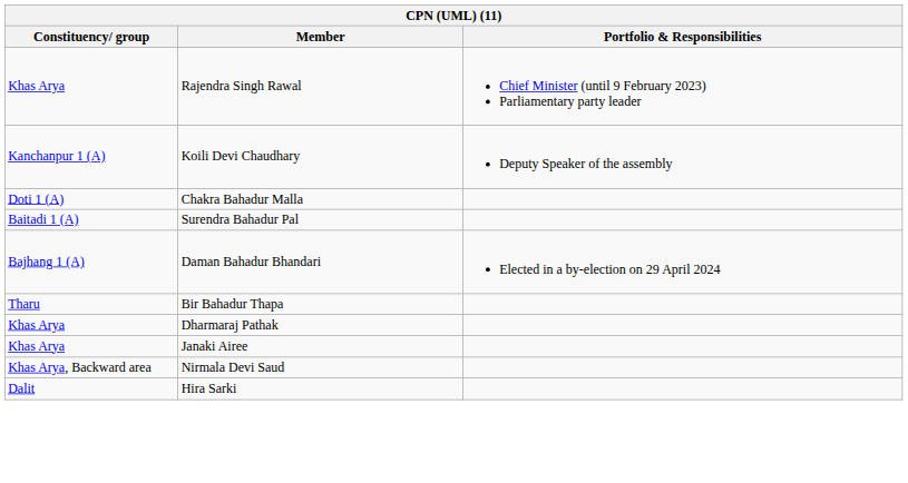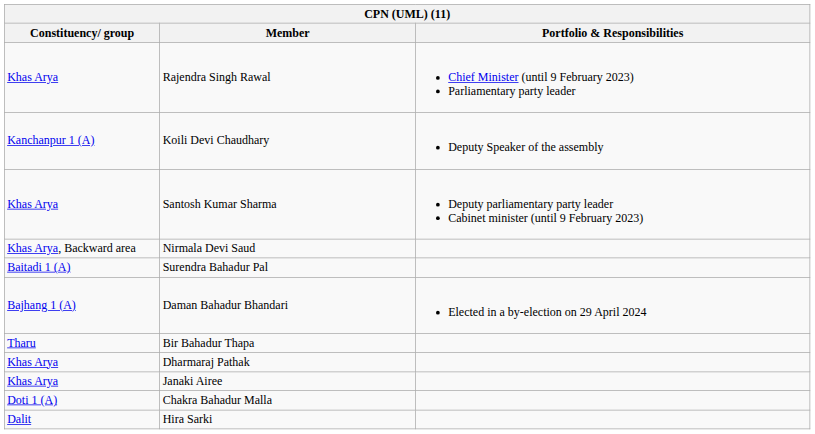 <table class="wikitable sortable mw-collapsible mw-collapsed">
 <tr>
 <th colspan="3" style="width: 800pt; background:">CPN (UML) (11)</th>
 </tr>
 <tr>
 <th style="width:150pt;">Constituency/ group</th>
 <th style="width:250pt;">Member</th>
 <th>Portfolio & Responsibilities</th>
 </tr>
 <tr>
 <td><a href='#'>Khas Arya</a></td>
 <td>Rajendra Singh Rawal</td>
 <td><br><ul><li><a href='#'>Chief Minister</a> (until 9 February 2023)</li><li>Parliamentary party leader</li></ul></td>
 </tr>
 <tr>
 <td><a href='#'>Kanchanpur 1 (A)</a></td>
 <td>Koili Devi Chaudhary</td>
 <td><br><ul><li>Deputy Speaker of the assembly</li></ul></td>
 </tr>
 <tr>
-<td><a href='#'>Doti 1 (A)</a></td>
-<td>Chakra Bahadur Malla</td>
+<td><a href='#'>Khas Arya</a></td>
+<td>Santosh Kumar Sharma</td>
+<td><br><ul><li>Deputy parliamentary party leader</li><li>Cabinet minister (until 9 February 2023)</li></ul></td>
+</tr>
+<tr>
+<td><a href='#'>Khas Arya</a>, Backward area</td>
+<td>Nirmala Devi Saud</td>
 <td></td>
 </tr>
 <tr>
 <td><a href='#'>Baitadi 1 (A)</a></td>
 <td>Surendra Bahadur Pal</td>
 <td></td>
 </tr>
 <tr>
 <td><a href='#'>Bajhang 1 (A)</a></td>
 <td>Daman Bahadur Bhandari</td>
 <td><br><ul><li>Elected in a by-election on 29 April 2024</li></ul></td>
 </tr>
 <tr>
 <td><a href='#'>Tharu</a></td>
 <td>Bir Bahadur Thapa</td>
 <td></td>
 </tr>
 <tr>
 <td><a href='#'>Khas Arya</a></td>
 <td>Dharmaraj Pathak</td>
 <td></td>
 </tr>
 <tr>
 <td><a href='#'>Khas Arya</a></td>
 <td>Janaki Airee</td>
 <td></td>
 </tr>
 <tr>
-<td><a href='#'>Khas Arya</a>, Backward area</td>
-<td>Nirmala Devi Saud</td>
+<td><a href='#'>Doti 1 (A)</a></td>
+<td>Chakra Bahadur Malla</td>
 <td></td>
 </tr>
 <tr>
 <td><a href='#'>Dalit</a></td>
 <td>Hira Sarki</td>
 <td></td>
 </tr>
 </table>
